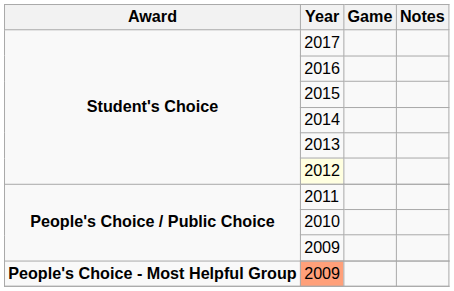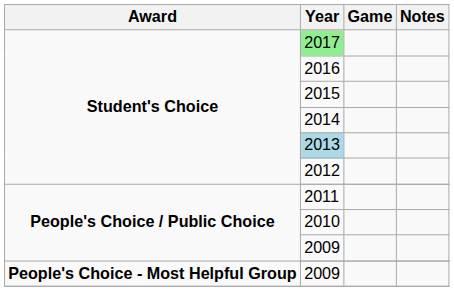 <table class="wikitable">
 <tr>
 <th>Award</th>
 <th>Year</th>
 <th>Game</th>
 <th>Notes</th>
 </tr>
 <tr>
 <td rowspan="6" style="text-align:center"><strong>Student's Choice</strong></td>
-<td>2017</td>
+<td style="background: lightgreen;">2017</td>
 <td></td>
 </tr>
 <tr>
 <td style="text-align:center">2016</td>
 <td></td>
 <td></td>
 </tr>
 <tr>
 <td style="text-align:center">2015</td>
 <td></td>
 <td></td>
 </tr>
 <tr>
 <td style="text-align:center">2014</td>
 <td></td>
 <td></td>
 </tr>
 <tr>
-<td style="text-align:center">2013</td>
+<td style="background: lightblue; text-align:center">2013</td>
 <td></td>
 <td></td>
 </tr>
 <tr>
-<td style="background: lightyellow;">2012</td>
+<td>2012</td>
 <td></td>
 <td></td>
 </tr>
 <tr>
 <td rowspan="4" style="text-align:center"><strong>People's Choice / Public Choice</strong></td>
 </tr>
 <tr>
 <td>2011</td>
 <td></td>
 <td></td>
 </tr>
 <tr>
 <td style="text-align:center">2010</td>
 <td></td>
 <td></td>
 </tr>
 <tr>
 <td style="text-align:center">2009</td>
 <td></td>
 <td></td>
 </tr>
 <tr>
 <td rowspan="2" style="text-align:center"><strong>People's Choice - Most Helpful Group</strong></td>
 </tr>
 <tr>
-<td style="background: lightsalmon; text-align:center">2009</td>
+<td style="text-align:center">2009</td>
 <td></td>
 <td></td>
 </tr>
 <tr>
 </tr>
 </table>
